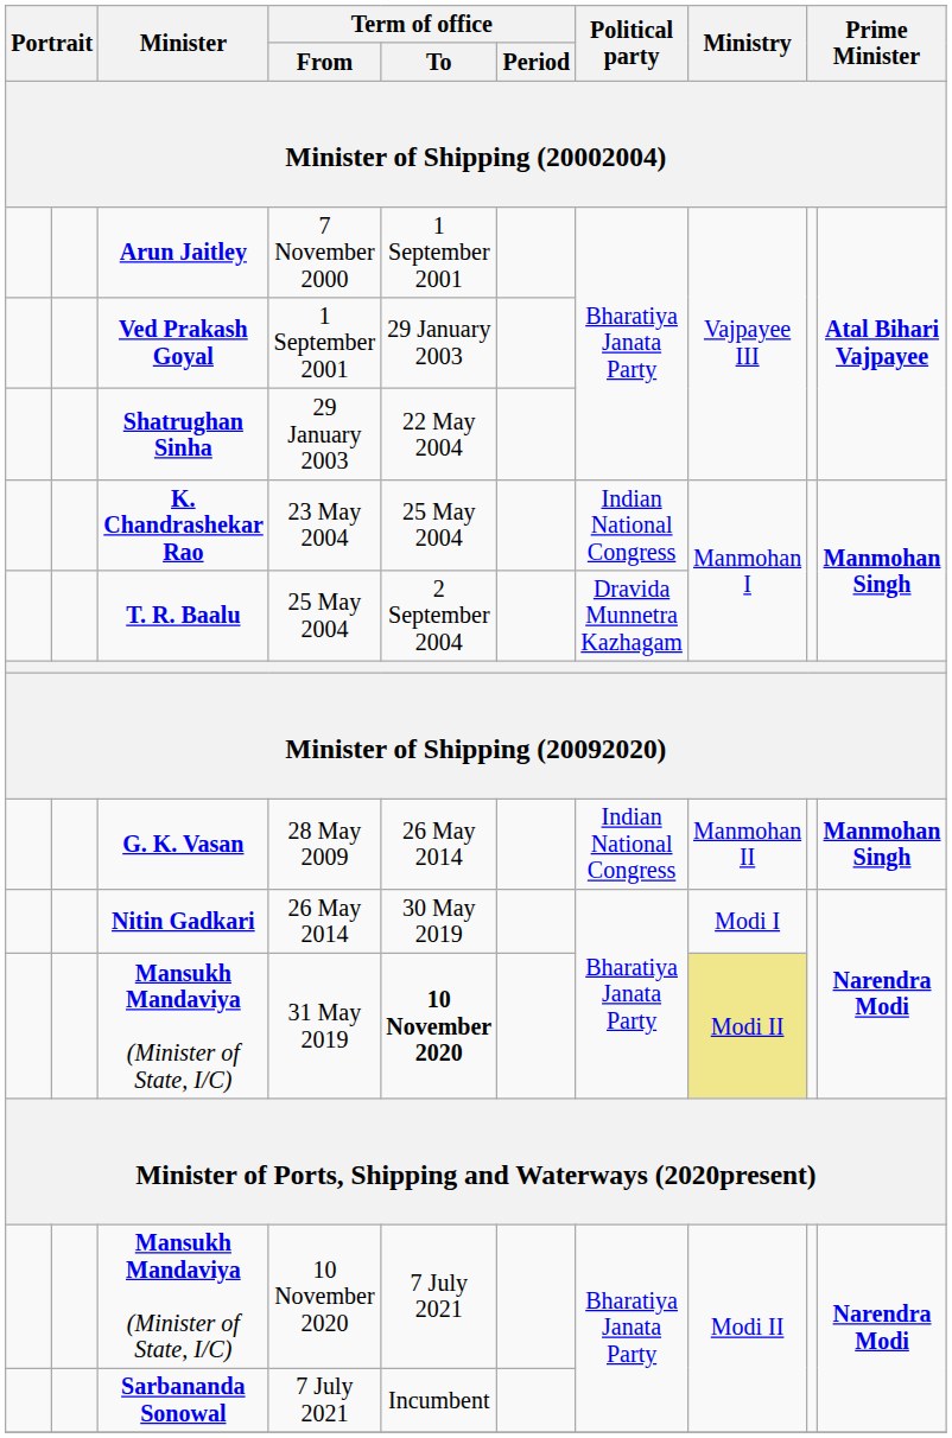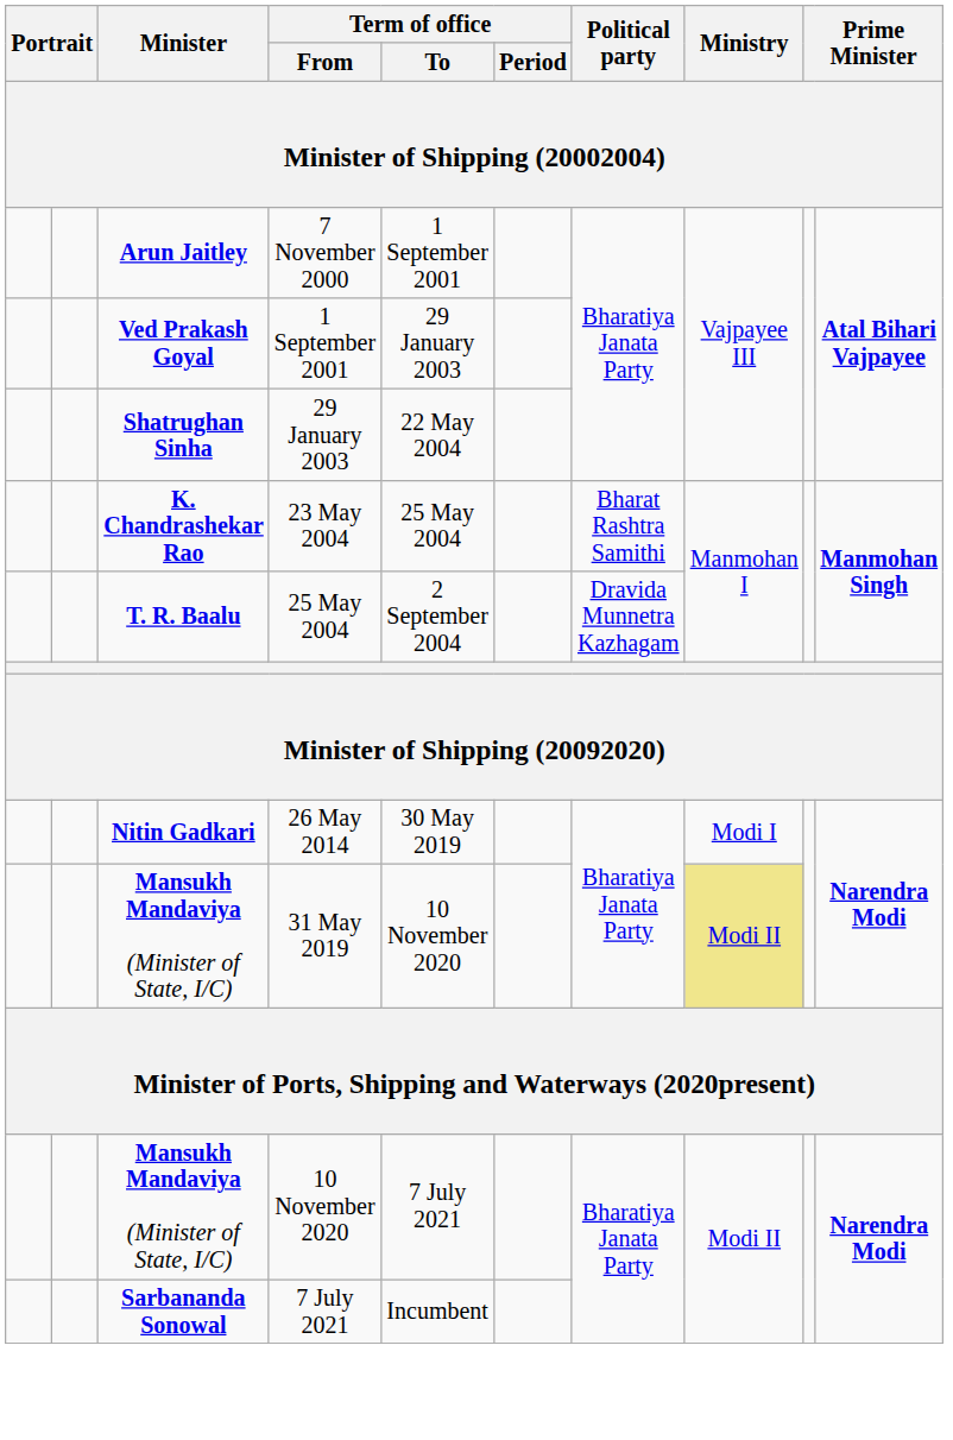 <table class="wikitable" style="text-align:center">
 <tr>
 <th rowspan="2" colspan="2">Portrait</th>
 <th rowspan="2" style="width:16em">Minister<br></th>
 <th colspan="3">Term of office</th>
 <th rowspan="2" style="width:8em">Political party</th>
 <th rowspan="2" style="width:6em">Ministry</th>
 <th rowspan="2" colspan="2">Prime Minister</th>
 </tr>
 <tr>
 <th style="width:8em">From</th>
 <th style="width:8em">To</th>
 <th style="width:6em">Period</th>
 </tr>
 <tr>
 <th colspan="10"><br><h3>Minister of Shipping (20002004)</h3></th>
 </tr>
 <tr>
 <td></td>
 <td></td>
 <td><strong><a href='#'>Arun Jaitley</a></strong><br></td>
 <td>7 November<br>2000</td>
 <td>1 September<br>2001</td>
 <td><strong></strong></td>
 <td rowspan="3"><a href='#'>Bharatiya Janata Party</a></td>
 <td rowspan="3"><a href='#'>Vajpayee III</a></td>
 <td rowspan="3"></td>
 <td rowspan="3" style="width:9em"><strong><a href='#'>Atal Bihari Vajpayee</a></strong></td>
 </tr>
 <tr>
 <td></td>
 <td></td>
 <td><strong><a href='#'>Ved Prakash Goyal</a></strong><br></td>
 <td>1 September<br>2001</td>
 <td>29 January<br>2003</td>
 <td><strong></strong></td>
 </tr>
 <tr>
 <td></td>
 <td></td>
 <td><strong><a href='#'>Shatrughan Sinha</a></strong><br></td>
 <td>29 January<br>2003</td>
 <td>22 May<br>2004</td>
 <td><strong></strong></td>
 </tr>
 <tr>
 <td></td>
 <td></td>
 <td><strong><a href='#'>K. Chandrashekar Rao</a></strong><br></td>
 <td>23 May<br>2004</td>
 <td>25 May<br>2004</td>
 <td><strong></strong></td>
-<td><a href='#'>Indian National Congress</a></td>
+<td><a href='#'>Bharat Rashtra Samithi</a></td>
 <td rowspan="2"><a href='#'>Manmohan I</a></td>
 <td rowspan="2"></td>
 <td rowspan="2"><strong><a href='#'>Manmohan Singh</a></strong></td>
 </tr>
 <tr>
 <td></td>
 <td></td>
 <td><strong><a href='#'>T. R. Baalu</a></strong><br></td>
 <td>25 May<br>2004</td>
 <td>2 September<br>2004</td>
 <td><strong></strong></td>
 <td><a href='#'>Dravida Munnetra Kazhagam</a></td>
 </tr>
 <tr>
 <th colspan="10"></th>
 </tr>
 <tr>
 <th colspan="10"><br><h3>Minister of Shipping (20092020)</h3></th>
 </tr>
 <tr>
 <td></td>
 <td></td>
-<td><strong><a href='#'>G. K. Vasan</a></strong><br></td>
-<td>28 May<br>2009</td>
-<td>26 May<br>2014</td>
-<td><strong></strong></td>
-<td><a href='#'>Indian National Congress</a></td>
-<td><a href='#'>Manmohan II</a></td>
-<td></td>
-<td><strong><a href='#'>Manmohan Singh</a></strong></td>
-</tr>
-<tr>
-<td></td>
-<td></td>
 <td><strong><a href='#'>Nitin Gadkari</a></strong><br></td>
 <td>26 May<br>2014</td>
 <td>30 May<br>2019</td>
 <td><strong></strong></td>
 <td rowspan="2"><a href='#'>Bharatiya Janata Party</a></td>
 <td><a href='#'>Modi I</a></td>
 <td rowspan="2"></td>
 <td rowspan="2"><strong><a href='#'>Narendra Modi</a></strong></td>
 </tr>
 <tr>
 <td></td>
 <td></td>
 <td><strong><a href='#'>Mansukh Mandaviya</a></strong><br><br><em>(Minister of State, I/C)</em></td>
 <td>31 May<br>2019</td>
-<td><strong>10 November<br>2020</strong></td>
+<td>10 November<br>2020</td>
 <td><strong></strong></td>
 <td style="background: khaki;"><a href='#'>Modi II</a></td>
 </tr>
 <tr>
 <th colspan="10"><br><h3>Minister of Ports, Shipping and Waterways (2020present)</h3></th>
 </tr>
 <tr>
 <td></td>
 <td></td>
 <td><strong><a href='#'>Mansukh Mandaviya</a></strong><br><br><em>(Minister of State, I/C)</em></td>
 <td>10 November<br>2020</td>
 <td>7 July<br>2021</td>
 <td><strong></strong></td>
 <td rowspan="2"><a href='#'>Bharatiya Janata Party</a></td>
 <td rowspan="2"><a href='#'>Modi II</a></td>
 <td rowspan="2"></td>
 <td rowspan="2"><strong><a href='#'>Narendra Modi</a></strong></td>
 </tr>
 <tr>
 <td></td>
 <td></td>
 <td><strong><a href='#'>Sarbananda Sonowal</a></strong><br></td>
 <td>7 July<br>2021</td>
 <td>Incumbent</td>
 <td><strong></strong></td>
 </tr>
 <tr>
 </tr>
 </table>
